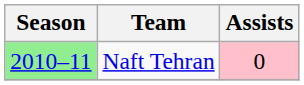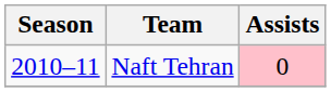 <table class="wikitable" style="text-align: center;">
 <tr>
 <th>Season</th>
 <th>Team</th>
 <th>Assists</th>
 </tr>
 <tr>
-<td style="background: lightgreen;"><a href='#'>2010–11</a></td>
+<td><a href='#'>2010–11</a></td>
 <td align="left"><a href='#'>Naft Tehran</a></td>
 <td style="background: pink;">0</td>
 </tr>
 <tr>
 </tr>
 </table>
